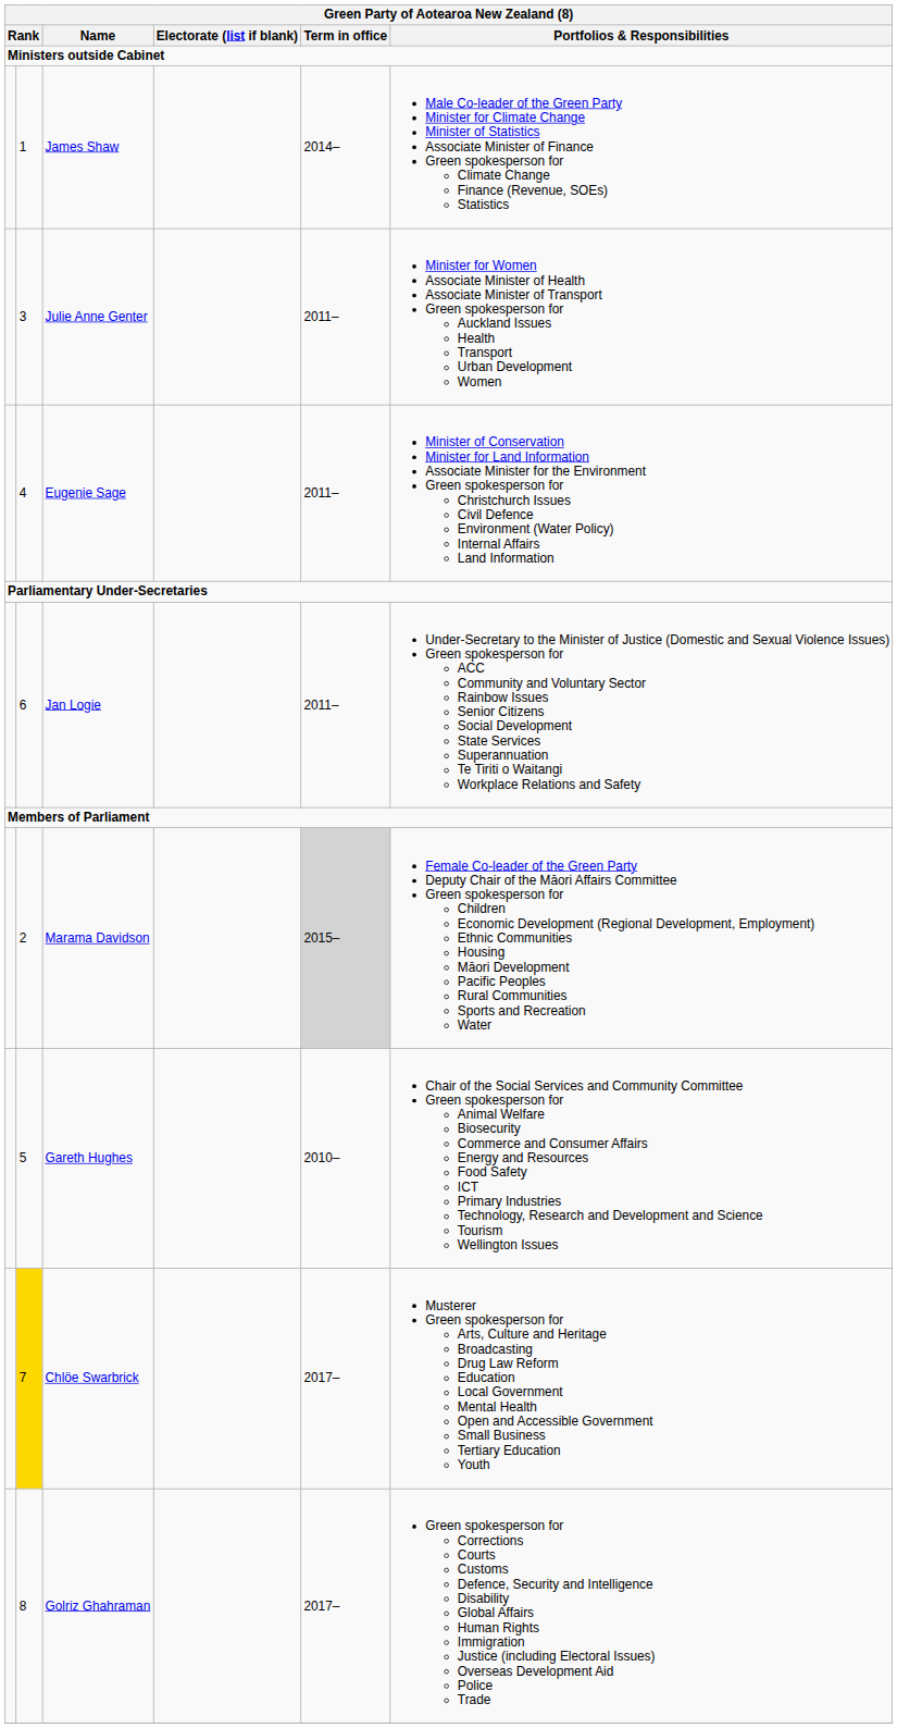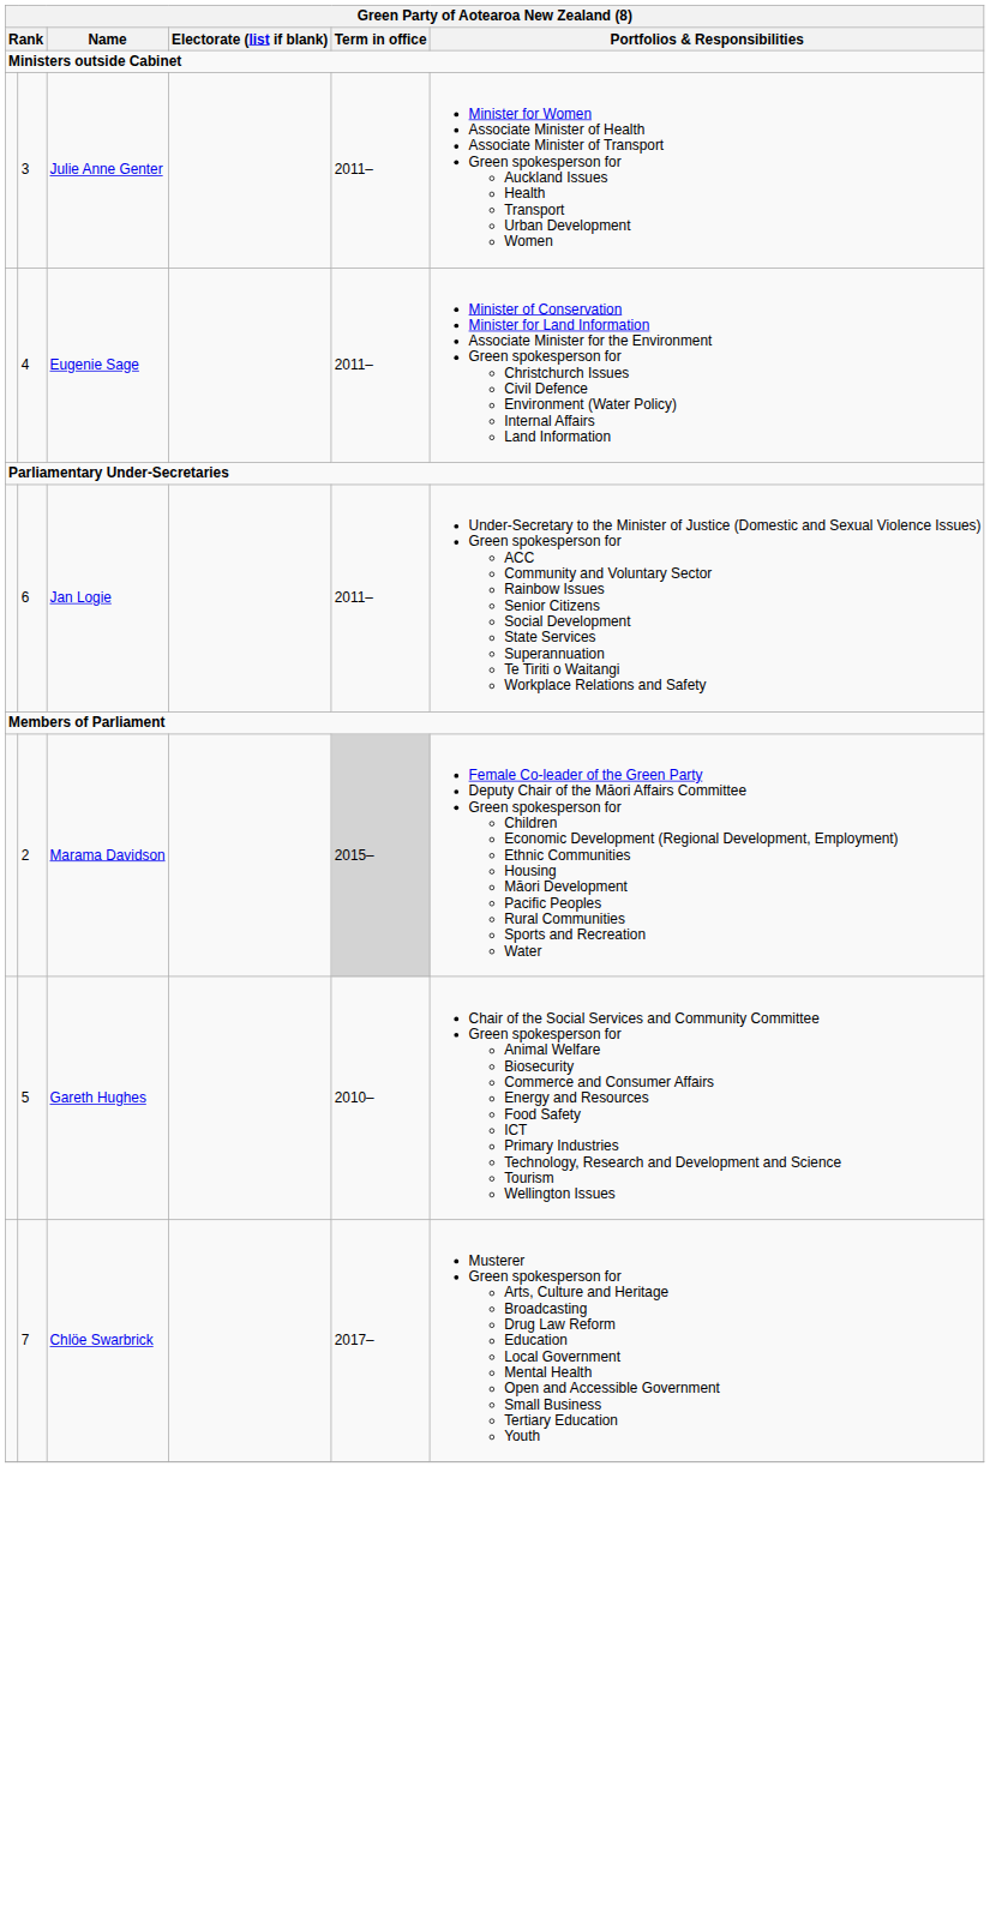 <table role="presentation" class="wikitable mw-collapsible mw-collapsed">
 <tr>
 <th colspan="6" style="width: 700pt; background: ">Green Party of Aotearoa New Zealand (8)</th>
 </tr>
 <tr>
 <th colspan="2">Rank</th>
 <th>Name</th>
 <th>Electorate (<a href='#'>list</a> if blank)</th>
 <th>Term in office</th>
 <th>Portfolios & Responsibilities</th>
 </tr>
 <tr>
 <td colspan=6><strong>Ministers outside Cabinet</strong></td>
-</tr>
-<tr>
-<td></td>
-<td>1</td>
-<td><a href='#'>James Shaw</a></td>
-<td></td>
-<td>2014–</td>
-<td><br><ul><li><a href='#'>Male Co-leader of the Green Party</a></li><li><a href='#'>Minister for Climate Change</a></li><li><a href='#'>Minister of Statistics</a></li><li>Associate Minister of Finance</li><li>Green spokesperson for<ul><li>Climate Change</li><li>Finance (Revenue, SOEs)</li><li>Statistics</li></ul></li></ul></td>
 </tr>
 <tr>
 <td></td>
 <td>3</td>
 <td><a href='#'>Julie Anne Genter</a></td>
 <td></td>
 <td>2011–</td>
 <td><br><ul><li><a href='#'>Minister for Women</a></li><li>Associate Minister of Health</li><li>Associate Minister of Transport</li><li>Green spokesperson for<ul><li>Auckland Issues</li><li>Health</li><li>Transport</li><li>Urban Development</li><li>Women</li></ul></li></ul></td>
 </tr>
 <tr>
 <td></td>
 <td>4</td>
 <td><a href='#'>Eugenie Sage</a></td>
 <td></td>
 <td>2011–</td>
 <td><br><ul><li><a href='#'>Minister of Conservation</a></li><li><a href='#'>Minister for Land Information</a></li><li>Associate Minister for the Environment</li><li>Green spokesperson for<ul><li>Christchurch Issues</li><li>Civil Defence</li><li>Environment (Water Policy)</li><li>Internal Affairs</li><li>Land Information</li></ul></li></ul></td>
 </tr>
 <tr>
 <td colspan=6><strong>Parliamentary Under-Secretaries</strong></td>
 </tr>
 <tr>
 <td></td>
 <td>6</td>
 <td><a href='#'>Jan Logie</a></td>
 <td></td>
 <td>2011–</td>
 <td><br><ul><li>Under-Secretary to the Minister of Justice (Domestic and Sexual Violence Issues)</li><li>Green spokesperson for<ul><li>ACC</li><li>Community and Voluntary Sector</li><li>Rainbow Issues</li><li>Senior Citizens</li><li>Social Development</li><li>State Services</li><li>Superannuation</li><li>Te Tiriti o Waitangi</li><li>Workplace Relations and Safety</li></ul></li></ul></td>
 </tr>
 <tr>
 <td colspan=6><strong>Members of Parliament</strong></td>
 </tr>
 <tr>
 <td></td>
 <td>2</td>
 <td><a href='#'>Marama Davidson</a></td>
 <td></td>
 <td style="background: lightgrey;">2015–</td>
 <td><br><ul><li><a href='#'>Female Co-leader of the Green Party</a></li><li>Deputy Chair of the Māori Affairs Committee</li><li>Green spokesperson for<ul><li>Children</li><li>Economic Development (Regional Development, Employment)</li><li>Ethnic Communities</li><li>Housing</li><li>Māori Development</li><li>Pacific Peoples</li><li>Rural Communities</li><li>Sports and Recreation</li><li>Water</li></ul></li></ul></td>
 </tr>
 <tr>
 <td></td>
 <td>5</td>
 <td><a href='#'>Gareth Hughes</a></td>
 <td></td>
 <td>2010–</td>
 <td><br><ul><li>Chair of the Social Services and Community Committee</li><li>Green spokesperson for<ul><li>Animal Welfare</li><li>Biosecurity</li><li>Commerce and Consumer Affairs</li><li>Energy and Resources</li><li>Food Safety</li><li>ICT</li><li>Primary Industries</li><li>Technology, Research and Development and Science</li><li>Tourism</li><li>Wellington Issues</li></ul></li></ul></td>
 </tr>
 <tr>
 <td></td>
-<td style="background: gold;">7</td>
+<td>7</td>
 <td><a href='#'>Chlöe Swarbrick</a></td>
 <td></td>
 <td>2017–</td>
 <td><br><ul><li>Musterer</li><li>Green spokesperson for<ul><li>Arts, Culture and Heritage</li><li>Broadcasting</li><li>Drug Law Reform</li><li>Education</li><li>Local Government</li><li>Mental Health</li><li>Open and Accessible Government</li><li>Small Business</li><li>Tertiary Education</li><li>Youth</li></ul></li></ul></td>
 </tr>
 <tr>
-<td></td>
-<td>8</td>
-<td><a href='#'>Golriz Ghahraman</a></td>
-<td></td>
-<td>2017–</td>
-<td><br><ul><li>Green spokesperson for<ul><li>Corrections</li><li>Courts</li><li>Customs</li><li>Defence, Security and Intelligence</li><li>Disability</li><li>Global Affairs</li><li>Human Rights</li><li>Immigration</li><li>Justice (including Electoral Issues)</li><li>Overseas Development Aid</li><li>Police</li><li>Trade</li></ul></li></ul></td>
-</tr>
-<tr>
 </tr>
 </table>
